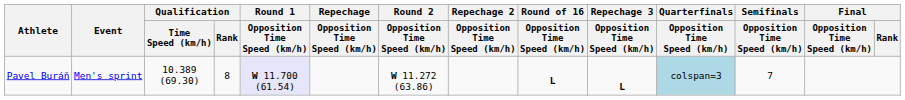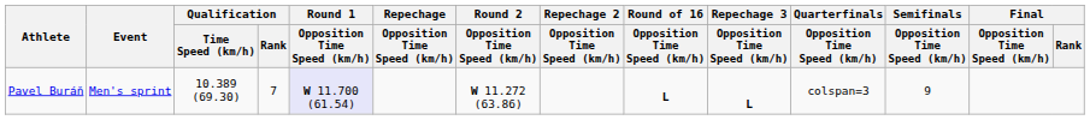 <table class="wikitable" style="font-size:90%">
 <tr>
 <th rowspan=2>Athlete</th>
 <th rowspan=2>Event</th>
 <th colspan=2>Qualification</th>
 <th>Round 1</th>
 <th>Repechage</th>
 <th>Round 2</th>
 <th>Repechage 2</th>
 <th>Round of 16</th>
 <th>Repechage 3</th>
 <th>Quarterfinals</th>
 <th>Semifinals</th>
 <th colspan=2>Final</th>
 </tr>
 <tr style="font-size:95%">
 <th>Time<br>Speed (km/h)</th>
 <th>Rank</th>
 <th>Opposition<br>Time<br>Speed (km/h)</th>
 <th>Opposition<br>Time<br>Speed (km/h)</th>
 <th>Opposition<br>Time<br>Speed (km/h)</th>
 <th>Opposition<br>Time<br>Speed (km/h)</th>
 <th>Opposition<br>Time<br>Speed (km/h)</th>
 <th>Opposition<br>Time<br>Speed (km/h)</th>
 <th>Opposition<br>Time<br>Speed (km/h)</th>
 <th>Opposition<br>Time<br>Speed (km/h)</th>
 <th>Opposition<br>Time<br>Speed (km/h)</th>
 <th>Rank</th>
 </tr>
 <tr align=center>
 <td align=left><a href='#'>Pavel Buráň</a></td>
 <td align=left rowspan=2><a href='#'>Men's sprint</a></td>
 <td>10.389<br>(69.30)</td>
-<td>8</td>
+<td>7</td>
 <td style="background: lavender;"><br><strong>W</strong> 11.700<br>(61.54)</td>
 <td></td>
 <td><br><strong>W</strong> 11.272<br>(63.86)</td>
 <td></td>
 <td><br><strong>L</strong></td>
 <td><br><br><strong>L</strong></td>
-<td style="background: lightblue;">colspan=3 </td>
-<td>7</td>
+<td>colspan=3 </td>
+<td>9</td>
 </tr>
 </table>
